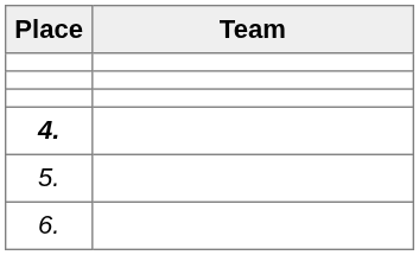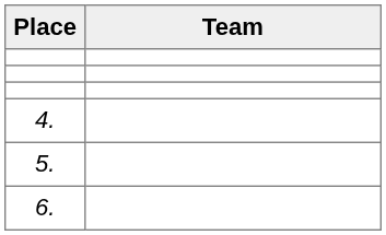 <table style=border-collapse:collapse border=1 cellspacing=0 cellpadding=5>
 <tr align=center bgcolor=#efefef>
 <th width=35>Place</th>
 <th width=185>Team</th>
 </tr>
 <tr align=center>
 <td></td>
 <td style="text-align:left;"><strong></strong></td>
 </tr>
 <tr align=center>
 <td></td>
 <td style="text-align:left;"><strong></strong></td>
 </tr>
 <tr align=center>
 <td></td>
 <td style="text-align:left;"><strong></strong></td>
 </tr>
 <tr align=center>
-<td><strong><em>4.</em></strong></td>
+<td><em>4.</em></td>
 <td style="text-align:left;"><strong></strong></td>
 </tr>
 <tr align=center>
 <td><em>5.</em></td>
 <td style="text-align:left;"><strong></strong></td>
 </tr>
 <tr align=center>
 <td><em>6.</em></td>
 <td style="text-align:left;"><strong></strong></td>
 </tr>
 </table>
